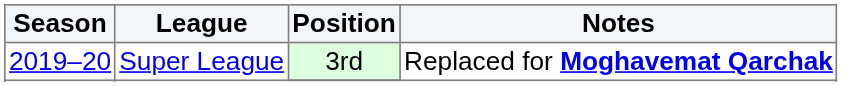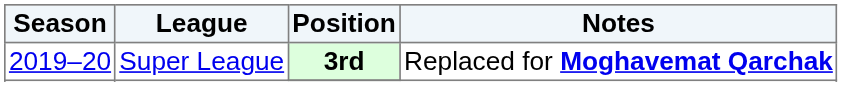 <table border="1" cellpadding="2" style="border-collapse:collapse; text-align:center; font-size:normal;">
 <tr style="background:#f0f6fa;">
 <th>Season</th>
 <th>League</th>
 <th>Position</th>
 <th>Notes</th>
 </tr>
 <tr>
 <td rowspan=2><a href='#'>2019–20</a></td>
 <td rowspan=2><a href='#'>Super League</a></td>
-<td bgcolor=DDFFDD>3rd</td>
+<td bgcolor=DDFFDD><strong>3rd</strong></td>
 <td rowspan=2>Replaced for <strong><a href='#'>Moghavemat Qarchak</a></strong></td>
 </tr>
 <tr>
 </tr>
 </table>
